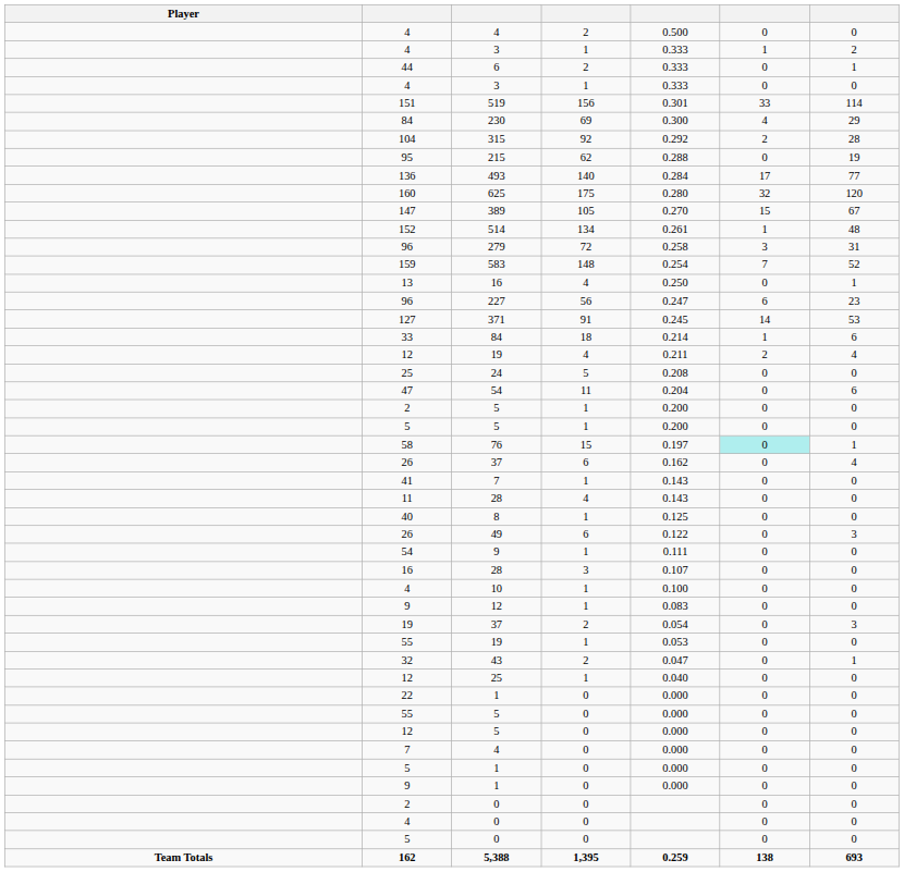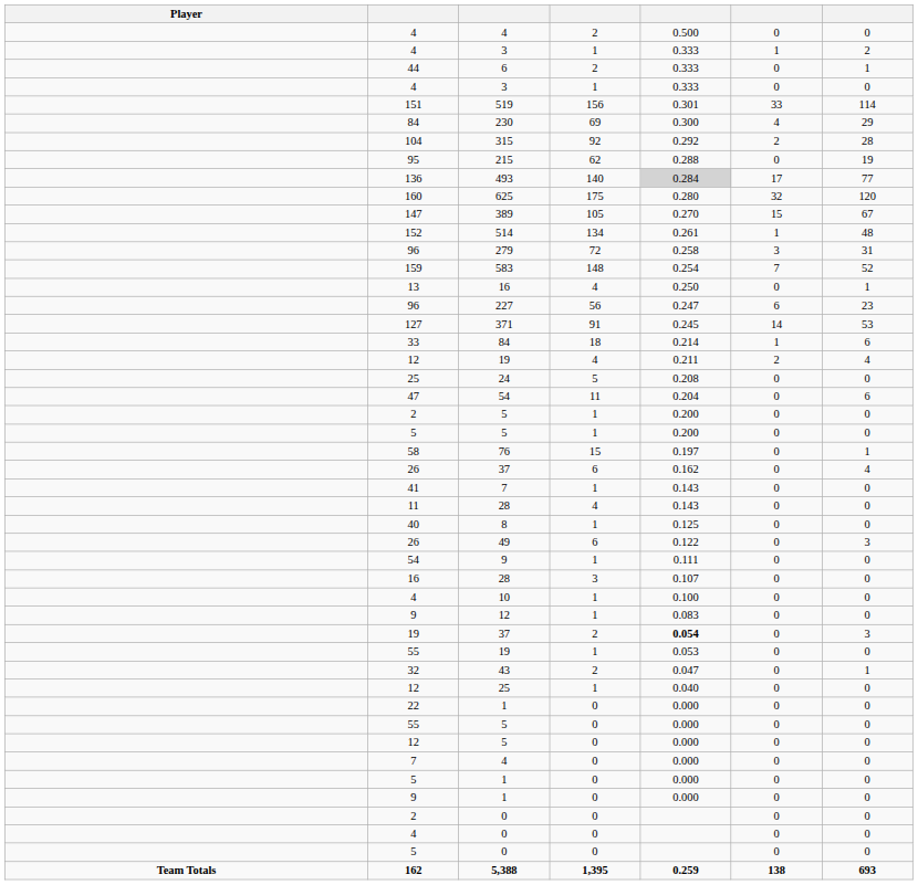 <table class="wikitable sortable" style="text-align:center;" width="100%">
 <tr>
 <th width="40%">Player</th>
 <th width="10%"></th>
 <th width="10%"></th>
 <th width="10%"></th>
 <th width="10%"></th>
 <th width="10%"></th>
 <th width="10%"></th>
 </tr>
 <tr>
 <td></td>
 <td>4</td>
 <td>4</td>
 <td>2</td>
 <td>0.500</td>
 <td>0</td>
 <td>0</td>
 </tr>
 <tr>
 <td></td>
 <td>4</td>
 <td>3</td>
 <td>1</td>
 <td>0.333</td>
 <td>1</td>
 <td>2</td>
 </tr>
 <tr>
 <td></td>
 <td>44</td>
 <td>6</td>
 <td>2</td>
 <td>0.333</td>
 <td>0</td>
 <td>1</td>
 </tr>
 <tr>
 <td></td>
 <td>4</td>
 <td>3</td>
 <td>1</td>
 <td>0.333</td>
 <td>0</td>
 <td>0</td>
 </tr>
 <tr>
 <td></td>
 <td>151</td>
 <td>519</td>
 <td>156</td>
 <td>0.301</td>
 <td>33</td>
 <td>114</td>
 </tr>
 <tr>
 <td></td>
 <td>84</td>
 <td>230</td>
 <td>69</td>
 <td>0.300</td>
 <td>4</td>
 <td>29</td>
 </tr>
 <tr>
 <td></td>
 <td>104</td>
 <td>315</td>
 <td>92</td>
 <td>0.292</td>
 <td>2</td>
 <td>28</td>
 </tr>
 <tr>
 <td></td>
 <td>95</td>
 <td>215</td>
 <td>62</td>
 <td>0.288</td>
 <td>0</td>
 <td>19</td>
 </tr>
 <tr>
 <td></td>
 <td>136</td>
 <td>493</td>
 <td>140</td>
-<td>0.284</td>
+<td style="background: lightgrey;">0.284</td>
 <td>17</td>
 <td>77</td>
 </tr>
 <tr>
 <td></td>
 <td>160</td>
 <td>625</td>
 <td>175</td>
 <td>0.280</td>
 <td>32</td>
 <td>120</td>
 </tr>
 <tr>
 <td></td>
 <td>147</td>
 <td>389</td>
 <td>105</td>
 <td>0.270</td>
 <td>15</td>
 <td>67</td>
 </tr>
 <tr>
 <td></td>
 <td>152</td>
 <td>514</td>
 <td>134</td>
 <td>0.261</td>
 <td>1</td>
 <td>48</td>
 </tr>
 <tr>
 <td></td>
 <td>96</td>
 <td>279</td>
 <td>72</td>
 <td>0.258</td>
 <td>3</td>
 <td>31</td>
 </tr>
 <tr>
 <td></td>
 <td>159</td>
 <td>583</td>
 <td>148</td>
 <td>0.254</td>
 <td>7</td>
 <td>52</td>
 </tr>
 <tr>
 <td></td>
 <td>13</td>
 <td>16</td>
 <td>4</td>
 <td>0.250</td>
 <td>0</td>
 <td>1</td>
 </tr>
 <tr>
 <td></td>
 <td>96</td>
 <td>227</td>
 <td>56</td>
 <td>0.247</td>
 <td>6</td>
 <td>23</td>
 </tr>
 <tr>
 <td></td>
 <td>127</td>
 <td>371</td>
 <td>91</td>
 <td>0.245</td>
 <td>14</td>
 <td>53</td>
 </tr>
 <tr>
 <td></td>
 <td>33</td>
 <td>84</td>
 <td>18</td>
 <td>0.214</td>
 <td>1</td>
 <td>6</td>
 </tr>
 <tr>
 <td></td>
 <td>12</td>
 <td>19</td>
 <td>4</td>
 <td>0.211</td>
 <td>2</td>
 <td>4</td>
 </tr>
 <tr>
 <td></td>
 <td>25</td>
 <td>24</td>
 <td>5</td>
 <td>0.208</td>
 <td>0</td>
 <td>0</td>
 </tr>
 <tr>
 <td></td>
 <td>47</td>
 <td>54</td>
 <td>11</td>
 <td>0.204</td>
 <td>0</td>
 <td>6</td>
 </tr>
 <tr>
 <td></td>
 <td>2</td>
 <td>5</td>
 <td>1</td>
 <td>0.200</td>
 <td>0</td>
 <td>0</td>
 </tr>
 <tr>
 <td></td>
 <td>5</td>
 <td>5</td>
 <td>1</td>
 <td>0.200</td>
 <td>0</td>
 <td>0</td>
 </tr>
 <tr>
 <td></td>
 <td>58</td>
 <td>76</td>
 <td>15</td>
 <td>0.197</td>
-<td style="background: paleturquoise;">0</td>
+<td>0</td>
 <td>1</td>
 </tr>
 <tr>
 <td></td>
 <td>26</td>
 <td>37</td>
 <td>6</td>
 <td>0.162</td>
 <td>0</td>
 <td>4</td>
 </tr>
 <tr>
 <td></td>
 <td>41</td>
 <td>7</td>
 <td>1</td>
 <td>0.143</td>
 <td>0</td>
 <td>0</td>
 </tr>
 <tr>
 <td></td>
 <td>11</td>
 <td>28</td>
 <td>4</td>
 <td>0.143</td>
 <td>0</td>
 <td>0</td>
 </tr>
 <tr>
 <td></td>
 <td>40</td>
 <td>8</td>
 <td>1</td>
 <td>0.125</td>
 <td>0</td>
 <td>0</td>
 </tr>
 <tr>
 <td></td>
 <td>26</td>
 <td>49</td>
 <td>6</td>
 <td>0.122</td>
 <td>0</td>
 <td>3</td>
 </tr>
 <tr>
 <td></td>
 <td>54</td>
 <td>9</td>
 <td>1</td>
 <td>0.111</td>
 <td>0</td>
 <td>0</td>
 </tr>
 <tr>
 <td></td>
 <td>16</td>
 <td>28</td>
 <td>3</td>
 <td>0.107</td>
 <td>0</td>
 <td>0</td>
 </tr>
 <tr>
 <td></td>
 <td>4</td>
 <td>10</td>
 <td>1</td>
 <td>0.100</td>
 <td>0</td>
 <td>0</td>
 </tr>
 <tr>
 <td></td>
 <td>9</td>
 <td>12</td>
 <td>1</td>
 <td>0.083</td>
 <td>0</td>
 <td>0</td>
 </tr>
 <tr>
 <td></td>
 <td>19</td>
 <td>37</td>
 <td>2</td>
-<td>0.054</td>
+<td><strong>0.054</strong></td>
 <td>0</td>
 <td>3</td>
 </tr>
 <tr>
 <td></td>
 <td>55</td>
 <td>19</td>
 <td>1</td>
 <td>0.053</td>
 <td>0</td>
 <td>0</td>
 </tr>
 <tr>
 <td></td>
 <td>32</td>
 <td>43</td>
 <td>2</td>
 <td>0.047</td>
 <td>0</td>
 <td>1</td>
 </tr>
 <tr>
 <td></td>
 <td>12</td>
 <td>25</td>
 <td>1</td>
 <td>0.040</td>
 <td>0</td>
 <td>0</td>
 </tr>
 <tr>
 <td></td>
 <td>22</td>
 <td>1</td>
 <td>0</td>
 <td>0.000</td>
 <td>0</td>
 <td>0</td>
 </tr>
 <tr>
 <td></td>
 <td>55</td>
 <td>5</td>
 <td>0</td>
 <td>0.000</td>
 <td>0</td>
 <td>0</td>
 </tr>
 <tr>
 <td></td>
 <td>12</td>
 <td>5</td>
 <td>0</td>
 <td>0.000</td>
 <td>0</td>
 <td>0</td>
 </tr>
 <tr>
 <td></td>
 <td>7</td>
 <td>4</td>
 <td>0</td>
 <td>0.000</td>
 <td>0</td>
 <td>0</td>
 </tr>
 <tr>
 <td></td>
 <td>5</td>
 <td>1</td>
 <td>0</td>
 <td>0.000</td>
 <td>0</td>
 <td>0</td>
 </tr>
 <tr>
 <td></td>
 <td>9</td>
 <td>1</td>
 <td>0</td>
 <td>0.000</td>
 <td>0</td>
 <td>0</td>
 </tr>
 <tr>
 <td></td>
 <td>2</td>
 <td>0</td>
 <td>0</td>
 <td></td>
 <td>0</td>
 <td>0</td>
 </tr>
 <tr>
 <td></td>
 <td>4</td>
 <td>0</td>
 <td>0</td>
 <td></td>
 <td>0</td>
 <td>0</td>
 </tr>
 <tr>
 <td></td>
 <td>5</td>
 <td>0</td>
 <td>0</td>
 <td></td>
 <td>0</td>
 <td>0</td>
 </tr>
 <tr>
 <td><strong>Team Totals</strong></td>
 <td><strong>162</strong></td>
 <td><strong>5,388</strong></td>
 <td><strong>1,395</strong></td>
 <td><strong>0.259</strong></td>
 <td><strong>138</strong></td>
 <td><strong>693</strong></td>
 </tr>
 </table>
